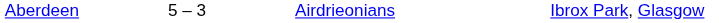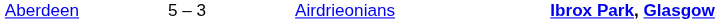 <table width=100% cellspacing=1>
 <tr>
 <th width=12%></th>
 <th width=10%></th>
 <th width=12%></th>
 <th></th>
 </tr>
 <tr>
 <td align=right><a href='#'>Aberdeen</a></td>
 <td align=center>5 – 3</td>
 <td><a href='#'>Airdrieonians</a></td>
-<td><a href='#'>Ibrox Park</a>, <a href='#'>Glasgow</a></td>
+<td><strong><a href='#'>Ibrox Park</a>, <a href='#'>Glasgow</a></strong></td>
 </tr>
 </table>
